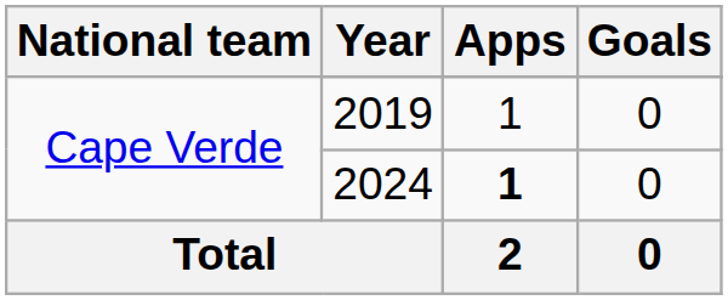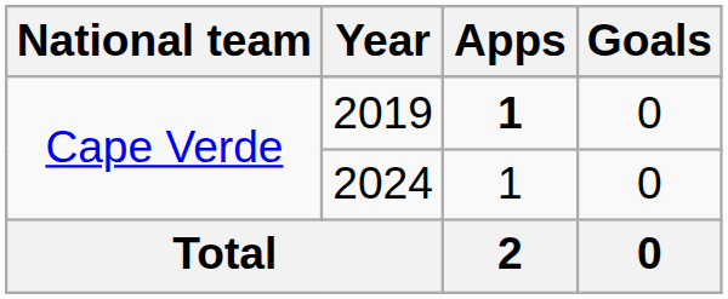 <table class="wikitable" style="text-align: center;">
 <tr>
 <th>National team</th>
 <th>Year</th>
 <th>Apps</th>
 <th>Goals</th>
 </tr>
 <tr>
 <td rowspan="3"><a href='#'>Cape Verde</a></td>
 </tr>
 <tr>
 <td>2019</td>
-<td>1</td>
+<td><strong>1</strong></td>
 <td>0</td>
 </tr>
 <tr>
 <td>2024</td>
-<td><strong>1</strong></td>
+<td>1</td>
 <td>0</td>
 </tr>
 <tr>
 <th colspan=2>Total</th>
 <th>2</th>
 <th>0</th>
 </tr>
 </table>
